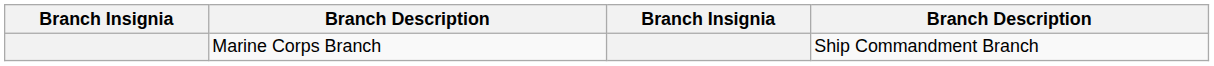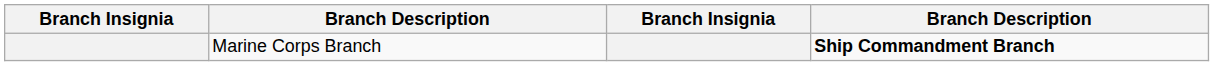 <table class="wikitable">
 <tr style="font-size: 86%;">
 <th scope="col" style="width: 150px; align=center;">Branch Insignia</th>
 <th scope="col" style="width: 300px;">Branch Description</th>
 <th scope="col" style="width: 150px;">Branch Insignia</th>
 <th scope="col" style="width: 300px;">Branch Description</th>
 </tr>
 <tr style="font-size: 86%;">
 <th style="text-align: center;"></th>
 <td>Marine Corps Branch</td>
 <th style="text-align: center;"></th>
-<td>Ship Commandment Branch</td>
+<td><strong>Ship Commandment Branch</strong></td>
 </tr>
 </table>
